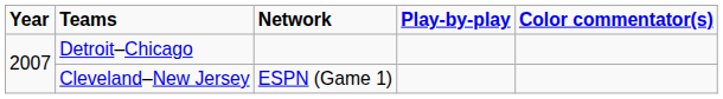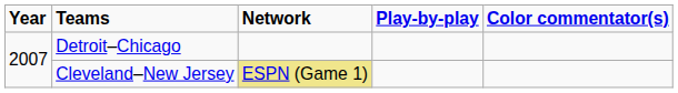 <table class="wikitable">
 <tr>
 <td><strong>Year</strong></td>
 <td><strong>Teams</strong></td>
 <td><strong>Network</strong></td>
 <td><strong><a href='#'>Play-by-play</a></strong></td>
 <td><strong><a href='#'>Color commentator(s)</a></strong></td>
 </tr>
 <tr>
 <td rowspan=2>2007</td>
 <td><a href='#'>Detroit</a>–<a href='#'>Chicago</a></td>
 <td></td>
 <td></td>
 <td></td>
 </tr>
 <tr>
 <td><a href='#'>Cleveland</a>–<a href='#'>New Jersey</a></td>
-<td><a href='#'>ESPN</a> (Game 1)</td>
+<td style="background: khaki;"><a href='#'>ESPN</a> (Game 1)</td>
 <td></td>
 <td></td>
 </tr>
 </table>
